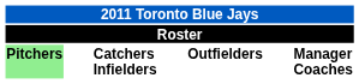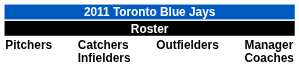 <table class="toccolours" style="font-size: 95%;">
 <tr http://upload.wikimedia.org/wikipedia/en/c/c8/Button_redirect.png>
 <th colspan="10" style="background:#005ac0; color:#fff; text-align:center;">2011 Toronto Blue Jays</th>
 </tr>
 <tr>
 <td colspan="10" style="background:black; color:white; text-align:center;"><strong>Roster</strong></td>
 </tr>
 <tr>
-<td valign="top" style="background: lightgreen;"><strong>Pitchers</strong><br>                            </td>
+<td valign="top"><strong>Pitchers</strong><br>                            </td>
 <td style="width:25px;"></td>
 <td valign="top"><strong>Catchers</strong><br>  <strong>Infielders</strong>            </td>
 <td style="width:25px;"></td>
 <td valign="top"><strong>Outfielders</strong><br>         </td>
 <td style="width:25px;"></td>
 <td valign="top"><strong>Manager</strong><br> <strong>Coaches</strong>                </td>
 </tr>
 </table>
